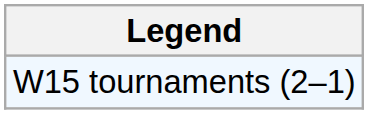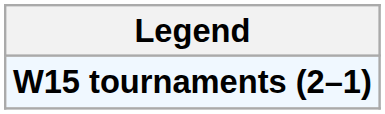 <table class="wikitable" style=font-size:85%>
 <tr>
 <th>Legend</th>
 </tr>
 <tr style="background:#f0f8ff;">
-<td>W15 tournaments (2–1)</td>
+<td><strong>W15 tournaments (2–1)</strong></td>
 </tr>
 </table>
